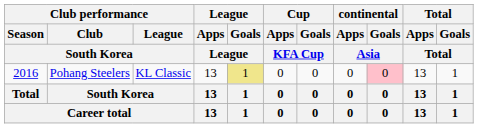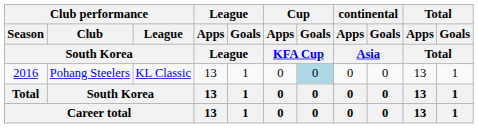 <table class="wikitable" style="text-align:center">
 <tr>
 <th colspan=3>Club performance</th>
 <th colspan=2>League</th>
 <th colspan=2>Cup</th>
 <th colspan=2>continental</th>
 <th colspan=2>Total</th>
 </tr>
 <tr>
 <th>Season</th>
 <th>Club</th>
 <th>League</th>
 <th>Apps</th>
 <th>Goals</th>
 <th>Apps</th>
 <th>Goals</th>
 <th>Apps</th>
 <th>Goals</th>
 <th>Apps</th>
 <th>Goals</th>
 </tr>
 <tr>
 <th colspan=3>South Korea</th>
 <th colspan=2>League</th>
 <th colspan=2><a href='#'>KFA Cup</a></th>
 <th colspan=2><a href='#'>Asia</a></th>
 <th colspan=2>Total</th>
 </tr>
 <tr>
 <td><a href='#'>2016</a></td>
 <td><a href='#'>Pohang Steelers</a></td>
 <td><a href='#'>KL Classic</a></td>
 <td>13</td>
-<td style="background: khaki;">1</td>
+<td>1</td>
+<td>0</td>
+<td style="background: lightblue;">0</td>
 <td>0</td>
 <td>0</td>
-<td>0</td>
-<td style="background: pink;">0</td>
 <td>13</td>
 <td>1</td>
 </tr>
 <tr>
 <th>Total</th>
 <th colspan=2>South Korea</th>
 <th>13</th>
 <th>1</th>
 <th>0</th>
 <th>0</th>
 <th>0</th>
 <th>0</th>
 <th>13</th>
 <th>1</th>
 </tr>
 <tr>
 <th colspan=3>Career total</th>
 <th>13</th>
 <th>1</th>
 <th>0</th>
 <th>0</th>
 <th>0</th>
 <th>0</th>
 <th>13</th>
 <th>1</th>
 </tr>
 </table>
